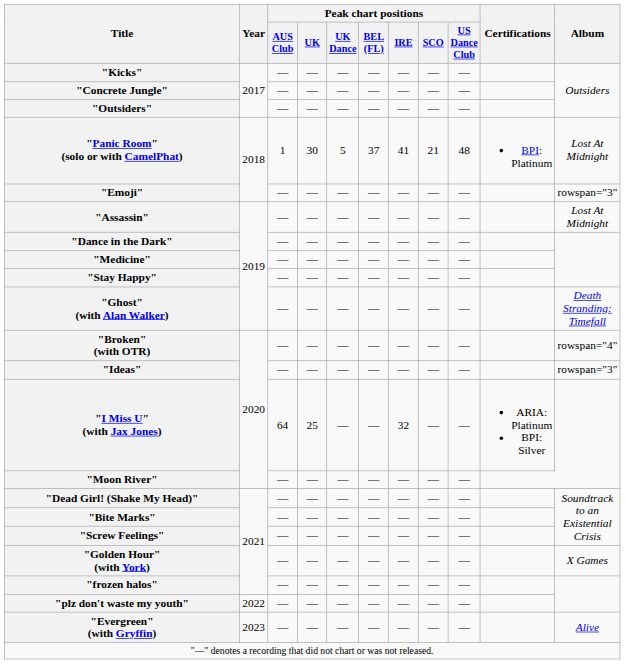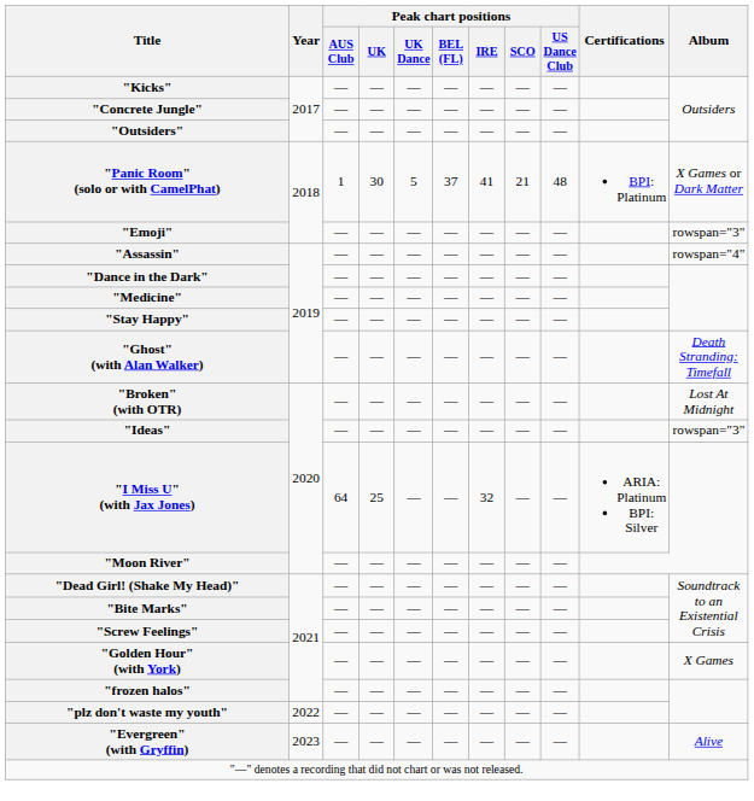 <table class="wikitable plainrowheaders" style="text-align:center;">
 <tr>
 <th scope="col" rowspan="2" style="width:22em;">Title</th>
 <th scope="col" rowspan="2" style="width:1em;">Year</th>
 <th scope="col" colspan="7">Peak chart positions</th>
 <th scope="col" rowspan="2">Certifications</th>
 <th scope="col" rowspan="2">Album</th>
 </tr>
 <tr>
 <th scope="col" style="width:2.5em;font-size:90%;"><a href='#'>AUS<br>Club</a><br></th>
 <th scope="col" style="width:2.5em;font-size:90%;"><a href='#'>UK</a><br></th>
 <th scope="col" style="width:2.5em;font-size:90%;"><a href='#'>UK Dance</a><br></th>
 <th scope="col" style="width:2.5em;font-size:90%;"><a href='#'>BEL<br>(FL)</a><br></th>
 <th scope="col" style="width:2.5em;font-size:90%;"><a href='#'>IRE</a><br></th>
 <th scope="col" style="width:2.5em;font-size:90%;"><a href='#'>SCO</a><br></th>
 <th scope="col" style="width:2.5em;font-size:90%;"><a href='#'>US<br>Dance Club</a><br></th>
 </tr>
 <tr>
 <th scope="row">"Kicks"</th>
 <td rowspan="3">2017</td>
 <td>—</td>
 <td>—</td>
 <td>—</td>
 <td>—</td>
 <td>—</td>
 <td>—</td>
 <td>—</td>
 <td></td>
 <td rowspan="3"><em>Outsiders</em></td>
 </tr>
 <tr>
 <th scope="row">"Concrete Jungle"</th>
 <td>—</td>
 <td>—</td>
 <td>—</td>
 <td>—</td>
 <td>—</td>
 <td>—</td>
 <td>—</td>
 <td></td>
 </tr>
 <tr>
 <th scope="row">"Outsiders"</th>
 <td>—</td>
 <td>—</td>
 <td>—</td>
 <td>—</td>
 <td>—</td>
 <td>—</td>
 <td>—</td>
 <td></td>
 </tr>
 <tr>
 <th scope="row">"<a href='#'>Panic Room</a>" <br><span>(solo or with <a href='#'>CamelPhat</a>)</span></th>
 <td rowspan="2">2018</td>
 <td>1</td>
 <td>30</td>
 <td>5</td>
 <td>37</td>
 <td>41</td>
 <td>21</td>
 <td>48</td>
 <td><br><ul><li><a href='#'>BPI</a>: Platinum</li></ul></td>
-<td><em>Lost At Midnight</em></td>
+<td><em>X Games</em> or <em><a href='#'>Dark Matter</a></em></td>
 </tr>
 <tr>
 <th scope="row">"Emoji"</th>
 <td>—</td>
 <td>—</td>
 <td>—</td>
 <td>—</td>
 <td>—</td>
 <td>—</td>
 <td>—</td>
 <td></td>
 <td>rowspan="3" </td>
 </tr>
 <tr>
 <th scope="row">"Assassin"</th>
 <td rowspan="5">2019</td>
 <td>—</td>
 <td>—</td>
 <td>—</td>
 <td>—</td>
 <td>—</td>
 <td>—</td>
 <td>—</td>
 <td></td>
-<td><em>Lost At Midnight</em></td>
+<td>rowspan="4" </td>
 </tr>
 <tr>
 <th scope="row">"Dance in the Dark"</th>
 <td>—</td>
 <td>—</td>
 <td>—</td>
 <td>—</td>
 <td>—</td>
 <td>—</td>
 <td>—</td>
 <td></td>
 </tr>
 <tr>
 <th scope="row">"Medicine"</th>
 <td>—</td>
 <td>—</td>
 <td>—</td>
 <td>—</td>
 <td>—</td>
 <td>—</td>
 <td>—</td>
 <td></td>
 </tr>
 <tr>
 <th scope="row">"Stay Happy"</th>
 <td>—</td>
 <td>—</td>
 <td>—</td>
 <td>—</td>
 <td>—</td>
 <td>—</td>
 <td>—</td>
 <td></td>
 </tr>
 <tr>
 <th scope="row">"Ghost"<br><span>(with <a href='#'>Alan Walker</a>)</span></th>
 <td>—</td>
 <td>—</td>
 <td>—</td>
 <td>—</td>
 <td>—</td>
 <td>—</td>
 <td>—</td>
 <td></td>
 <td><em><a href='#'>Death Stranding: Timefall</a></em></td>
 </tr>
 <tr>
 <th scope="row">"Broken" <br><span>(with OTR)</span></th>
 <td rowspan="4">2020</td>
 <td>—</td>
 <td>—</td>
 <td>—</td>
 <td>—</td>
 <td>—</td>
 <td>—</td>
 <td>—</td>
 <td></td>
-<td>rowspan="4" </td>
+<td><em>Lost At Midnight</em></td>
 </tr>
 <tr>
 <th scope="row">"Ideas"</th>
 <td>—</td>
 <td>—</td>
 <td>—</td>
 <td>—</td>
 <td>—</td>
 <td>—</td>
 <td>—</td>
 <td></td>
 <td>rowspan="3" </td>
 </tr>
 <tr>
 <th scope="row">"<a href='#'>I Miss U</a>"<br><span>(with <a href='#'>Jax Jones</a>)</span></th>
 <td>64</td>
 <td>25</td>
 <td>—</td>
 <td>—</td>
 <td>32<br></td>
 <td>—</td>
 <td>—</td>
 <td><br><ul><li>ARIA: Platinum</li><li>BPI: Silver</li></ul></td>
 </tr>
 <tr>
 <th scope="row">"Moon River"</th>
 <td>—</td>
 <td>—</td>
 <td>—</td>
 <td>—</td>
 <td>—</td>
 <td>—</td>
 <td>—</td>
 </tr>
 <tr>
 <th scope="row">"Dead Girl! (Shake My Head)"</th>
 <td rowspan="5">2021</td>
 <td>—</td>
 <td>—</td>
 <td>—</td>
 <td>—</td>
 <td>—</td>
 <td>—</td>
 <td>—</td>
 <td></td>
 <td rowspan="3"><em>Soundtrack to an Existential Crisis</em></td>
 </tr>
 <tr>
 <th scope="row">"Bite Marks"</th>
 <td>—</td>
 <td>—</td>
 <td>—</td>
 <td>—</td>
 <td>—</td>
 <td>—</td>
 <td>—</td>
 <td></td>
 </tr>
 <tr>
 <th scope="row">"Screw Feelings"</th>
 <td>—</td>
 <td>—</td>
 <td>—</td>
 <td>—</td>
 <td>—</td>
 <td>—</td>
 <td>—</td>
 <td></td>
 </tr>
 <tr>
 <th scope="row">"Golden Hour"<br><span>(with <a href='#'>York</a>)</span></th>
 <td>—</td>
 <td>—</td>
 <td>—</td>
 <td>—</td>
 <td>—</td>
 <td>—</td>
 <td>—</td>
 <td></td>
 <td><em>X Games</em></td>
 </tr>
 <tr>
 <th scope="row">"frozen halos"</th>
 <td>—</td>
 <td>—</td>
 <td>—</td>
 <td>—</td>
 <td>—</td>
 <td>—</td>
 <td>—</td>
 <td></td>
 </tr>
 <tr>
 <th scope="row">"plz don't waste my youth"</th>
 <td>2022</td>
 <td>—</td>
 <td>—</td>
 <td>—</td>
 <td>—</td>
 <td>—</td>
 <td>—</td>
 <td>—</td>
 <td></td>
 </tr>
 <tr>
 <th scope="row">"Evergreen"<br><span>(with <a href='#'>Gryffin</a>)</span></th>
 <td>2023</td>
 <td>—</td>
 <td>—</td>
 <td>—</td>
 <td>—</td>
 <td>—</td>
 <td>—</td>
 <td>—</td>
 <td></td>
 <td><em><a href='#'>Alive</a></em></td>
 </tr>
 <tr>
 <td colspan="11" style="font-size:85%">"—" denotes a recording that did not chart or was not released.</td>
 </tr>
 </table>
